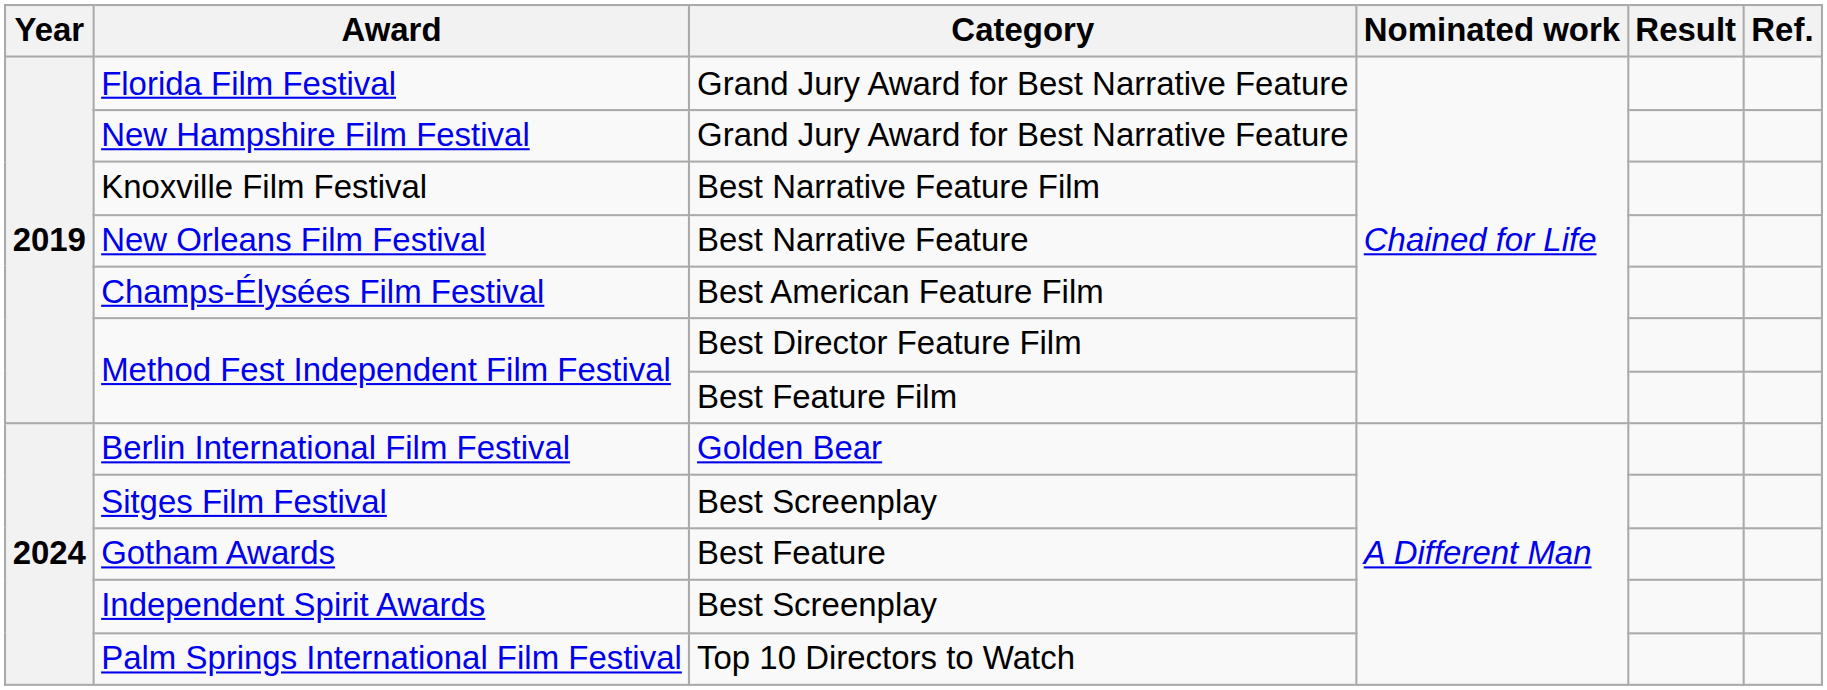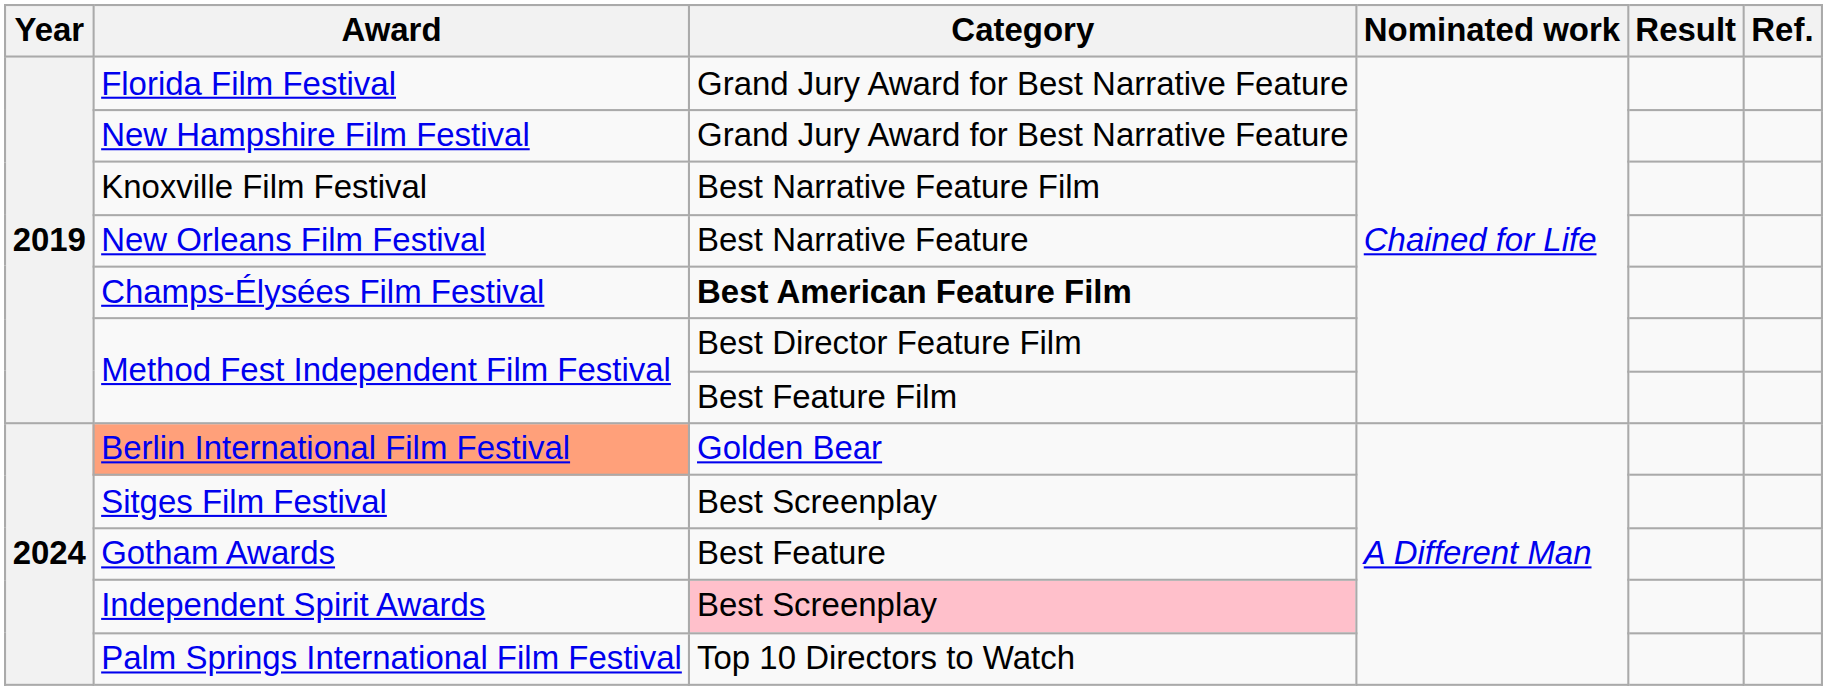 <table class="wikitable sortable plainrowheaders">
 <tr>
 <th scope="col">Year</th>
 <th scope="col">Award</th>
 <th scope="col">Category</th>
 <th scope="col">Nominated work</th>
 <th scope="col">Result</th>
 <th scope="col">Ref.</th>
 </tr>
 <tr>
 <th scope="row" rowspan="7">2019</th>
 <td><a href='#'>Florida Film Festival</a></td>
 <td>Grand Jury Award for Best Narrative Feature</td>
 <td rowspan="7"><em><a href='#'>Chained for Life</a></em></td>
 <td></td>
 <td align="center"></td>
 </tr>
 <tr>
 <td><a href='#'>New Hampshire Film Festival</a></td>
 <td>Grand Jury Award for Best Narrative Feature</td>
 <td></td>
 <td align="center"></td>
 </tr>
 <tr>
 <td>Knoxville Film Festival</td>
 <td>Best Narrative Feature Film</td>
 <td></td>
 <td align="center"></td>
 </tr>
 <tr>
 <td><a href='#'>New Orleans Film Festival</a></td>
 <td>Best Narrative Feature</td>
 <td></td>
 <td align="center"></td>
 </tr>
 <tr>
 <td><a href='#'>Champs-Élysées Film Festival</a></td>
-<td>Best American Feature Film</td>
+<td><strong>Best American Feature Film</strong></td>
 <td></td>
 <td align="center"></td>
 </tr>
 <tr>
 <td rowspan="2"><a href='#'>Method Fest Independent Film Festival</a></td>
 <td>Best Director Feature Film</td>
 <td></td>
 <td align="center"></td>
 </tr>
 <tr>
 <td>Best Feature Film</td>
 <td></td>
 <td align="center"></td>
 </tr>
 <tr>
 <th scope="row" rowspan="5">2024</th>
-<td><a href='#'>Berlin International Film Festival</a></td>
+<td style="background: lightsalmon;"><a href='#'>Berlin International Film Festival</a></td>
 <td><a href='#'>Golden Bear</a></td>
 <td rowspan="5"><em><a href='#'>A Different Man</a></em></td>
 <td></td>
 <td align="center"></td>
 </tr>
 <tr>
 <td><a href='#'>Sitges Film Festival</a></td>
 <td>Best Screenplay</td>
 <td></td>
 <td align="center"></td>
 </tr>
 <tr>
 <td><a href='#'>Gotham Awards</a></td>
 <td>Best Feature</td>
 <td></td>
 <td align="center"></td>
 </tr>
 <tr>
 <td><a href='#'>Independent Spirit Awards</a></td>
-<td>Best Screenplay</td>
+<td style="background: pink;">Best Screenplay</td>
 <td></td>
 </tr>
 <tr>
 <td><a href='#'>Palm Springs International Film Festival</a></td>
 <td>Top 10 Directors to Watch</td>
 <td></td>
 <td align="center"></td>
 </tr>
 </table>
